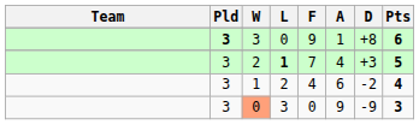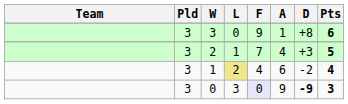 <table class=wikitable style="text-align:center">
 <tr>
 <th width=185>Team</th>
 <th width=20>Pld</th>
 <th width=20>W</th>
 <th width=20>L</th>
 <th width=20>F</th>
 <th width=20>A</th>
 <th width=20>D</th>
 <th width=20>Pts</th>
 </tr>
 <tr>
 </tr>
 <tr style="background: #ccffcc;">
 <td align="left"></td>
-<td><strong>3</strong></td>
+<td>3</td>
 <td>3</td>
 <td>0</td>
 <td>9</td>
 <td>1</td>
 <td>+8</td>
 <td><strong>6</strong></td>
 </tr>
 <tr>
 </tr>
 <tr style="background: #ccffcc;">
 <td align="left"></td>
 <td>3</td>
 <td>2</td>
-<td><strong>1</strong></td>
+<td>1</td>
 <td>7</td>
 <td>4</td>
 <td>+3</td>
 <td><strong>5</strong></td>
 </tr>
 <tr>
 <td align="left"></td>
 <td>3</td>
 <td>1</td>
-<td>2</td>
+<td style="background: khaki;">2</td>
 <td>4</td>
 <td>6</td>
 <td>-2</td>
 <td><strong>4</strong></td>
 </tr>
 <tr>
 <td align="left"></td>
 <td>3</td>
-<td style="background: lightsalmon;">0</td>
+<td>0</td>
 <td>3</td>
-<td>0</td>
+<td style="background: lavender;">0</td>
 <td>9</td>
-<td>-9</td>
+<td><strong>-9</strong></td>
 <td><strong>3</strong></td>
 </tr>
 </table>
